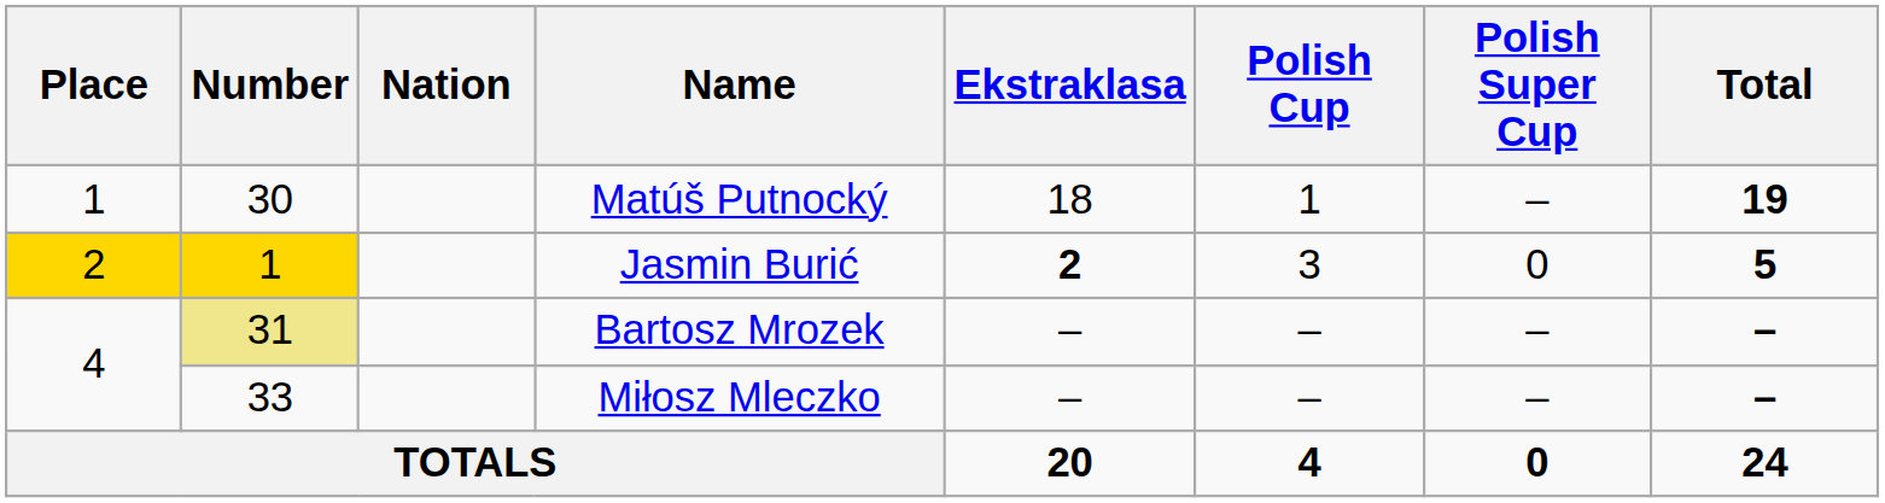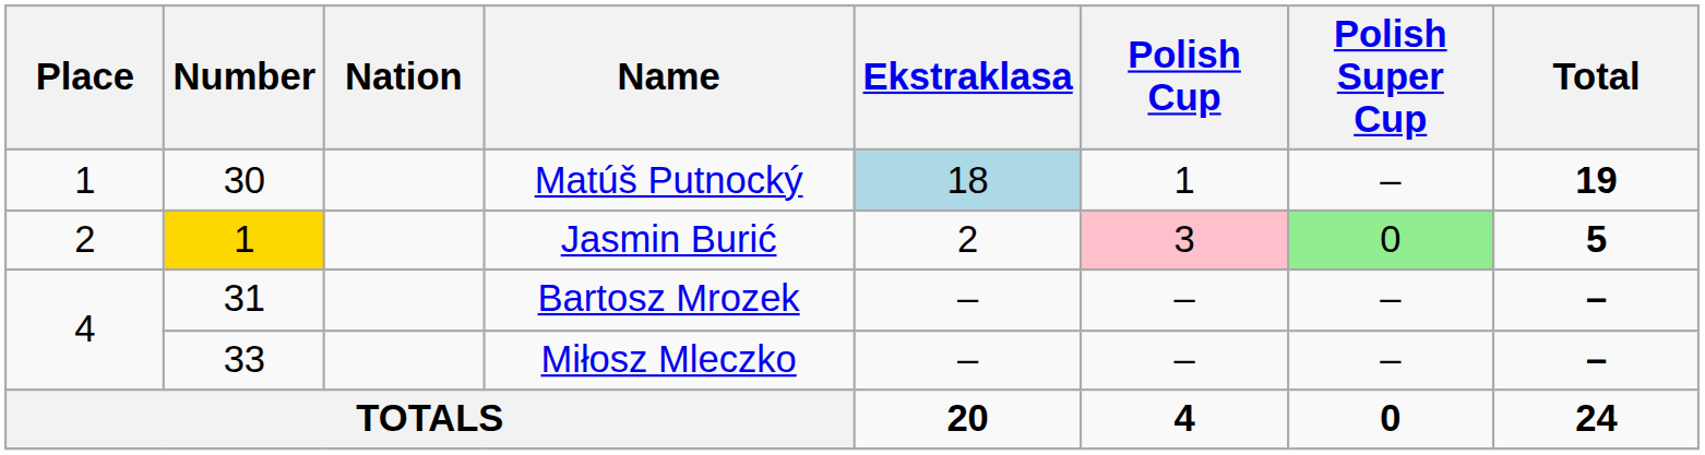 <table class="wikitable" style="font-size: 100%; text-align: center;">
 <tr>
 <th width=60>Place</th>
 <th width=60>Number</th>
 <th width=60>Nation</th>
 <th width=150>Name</th>
 <th width=80><a href='#'>Ekstraklasa</a></th>
 <th width=80><a href='#'>Polish Cup</a></th>
 <th width=80><a href='#'>Polish Super Cup</a></th>
 <th width=80>Total</th>
 </tr>
 <tr>
 <td rowspan="1">1</td>
 <td>30</td>
 <td></td>
 <td><a href='#'>Matúš Putnocký</a></td>
-<td>18</td>
+<td style="background: lightblue;">18</td>
 <td>1</td>
 <td>–</td>
 <td><strong>19</strong></td>
 </tr>
 <tr>
-<td rowspan="1" style="background: gold;">2</td>
+<td rowspan="1">2</td>
 <td style="background: gold;">1</td>
 <td></td>
 <td><a href='#'>Jasmin Burić</a></td>
-<td><strong>2</strong></td>
-<td>3</td>
-<td>0</td>
+<td>2</td>
+<td style="background: pink;">3</td>
+<td style="background: lightgreen;">0</td>
 <td><strong>5</strong></td>
 </tr>
 <tr>
 <td rowspan="2">4</td>
-<td style="background: khaki;">31</td>
+<td>31</td>
 <td></td>
 <td><a href='#'>Bartosz Mrozek</a></td>
 <td>–</td>
 <td>–</td>
 <td>–</td>
 <td><strong>–</strong></td>
 </tr>
 <tr>
 <td>33</td>
 <td></td>
 <td><a href='#'>Miłosz Mleczko</a></td>
 <td>–</td>
 <td>–</td>
 <td>–</td>
 <td><strong>–</strong></td>
 </tr>
 <tr>
 <th colspan="4">TOTALS</th>
 <td><strong>20</strong></td>
 <td><strong>4</strong></td>
 <td><strong>0</strong></td>
 <td><strong>24</strong></td>
 </tr>
 </table>
